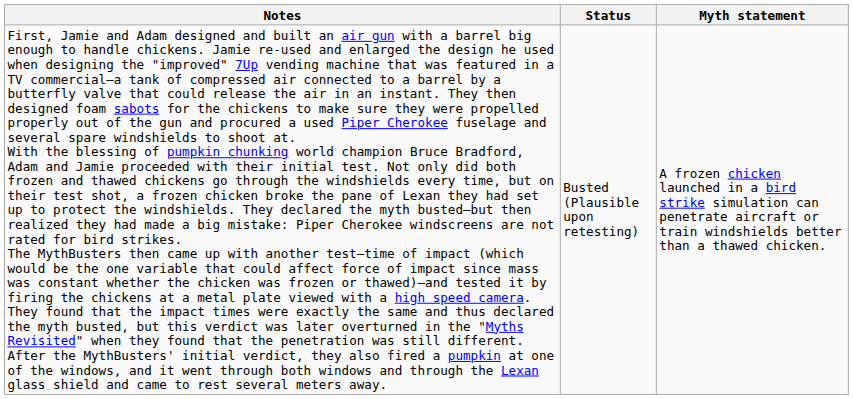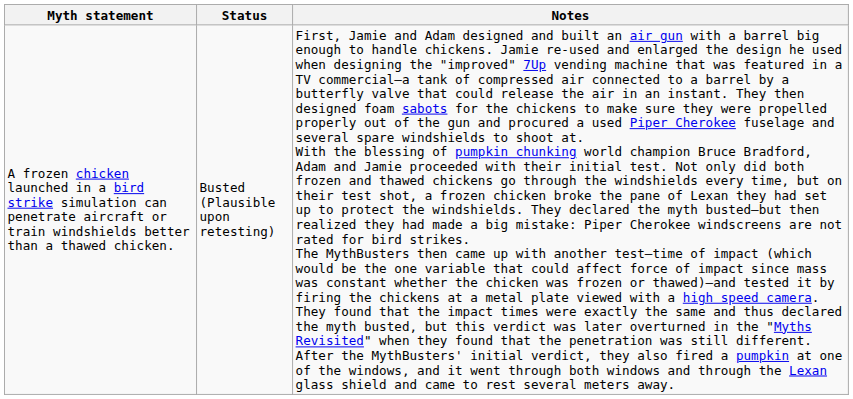 <table class="wikitable plainrowheaders">
 <tr>
+<th>Myth statement</th>
+<th>Status</th>
 <th>Notes</th>
-<th>Status</th>
-<th>Myth statement</th>
 </tr>
 <tr>
+<td>A frozen <a href='#'>chicken</a> launched in a <a href='#'>bird strike</a> simulation can penetrate aircraft or train windshields better than a thawed chicken.</td>
+<td><span>Busted</span><br>(<span>Plausible</span> upon retesting)</td>
 <td>First, Jamie and Adam designed and built an <a href='#'>air gun</a> with a barrel big enough to handle chickens. Jamie re-used and enlarged the design he used when designing the "improved" <a href='#'>7Up</a> vending machine that was featured in a TV commercial—a tank of compressed air connected to a barrel by a butterfly valve that could release the air in an instant. They then designed foam <a href='#'>sabots</a> for the chickens to make sure they were propelled properly out of the gun and procured a used <a href='#'>Piper Cherokee</a> fuselage and several spare windshields to shoot at.<br>With the blessing of <a href='#'>pumpkin chunking</a> world champion Bruce Bradford, Adam and Jamie proceeded with their initial test. Not only did both frozen and thawed chickens go through the windshields every time, but on their test shot, a frozen chicken broke the pane of Lexan they had set up to protect the windshields. They declared the myth busted—but then realized they had made a big mistake: Piper Cherokee windscreens are not rated for bird strikes.<br>The MythBusters then came up with another test—time of impact (which would be the one variable that could affect force of impact since mass was constant whether the chicken was frozen or thawed)—and tested it by firing the chickens at a metal plate viewed with a <a href='#'>high speed camera</a>. They found that the impact times were exactly the same and thus declared the myth busted, but this verdict was later overturned in the "<a href='#'>Myths Revisited</a>" when they found that the penetration was still different.<br>After the MythBusters' initial verdict, they also fired a <a href='#'>pumpkin</a> at one of the windows, and it went through both windows and through the <a href='#'>Lexan</a> glass shield and came to rest several meters away.</td>
-<td><span>Busted</span><br>(<span>Plausible</span> upon retesting)</td>
-<td>A frozen <a href='#'>chicken</a> launched in a <a href='#'>bird strike</a> simulation can penetrate aircraft or train windshields better than a thawed chicken.</td>
 </tr>
 </table>
